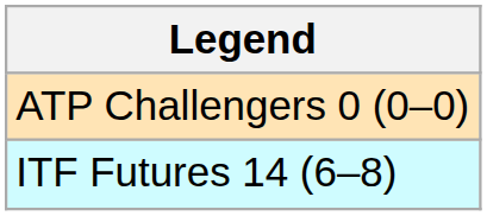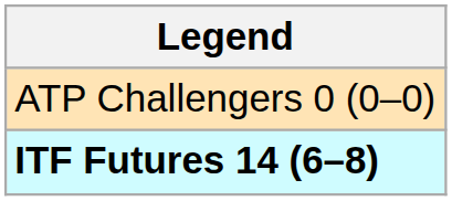 <table class=wikitable style=font-size:97%>
 <tr>
 <th>Legend</th>
 </tr>
 <tr style="background:moccasin;">
 <td>ATP Challengers 0 (0–0)</td>
 </tr>
 <tr style="background:#cffcff;">
-<td>ITF Futures 14 (6–8)</td>
+<td><strong>ITF Futures 14 (6–8)</strong></td>
 </tr>
 </table>
